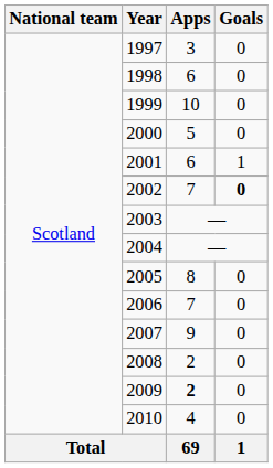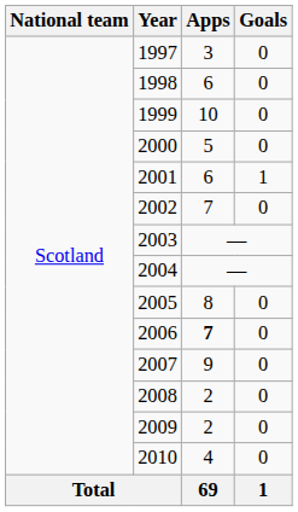 <table class="wikitable" style="text-align:center">
 <tr>
 <th>National team</th>
 <th>Year</th>
 <th>Apps</th>
 <th>Goals</th>
 </tr>
 <tr>
 <td rowspan="14"><a href='#'>Scotland</a></td>
 <td>1997</td>
 <td>3</td>
 <td>0</td>
 </tr>
 <tr>
 <td>1998</td>
 <td>6</td>
 <td>0</td>
 </tr>
 <tr>
 <td>1999</td>
 <td>10</td>
 <td>0</td>
 </tr>
 <tr>
 <td>2000</td>
 <td>5</td>
 <td>0</td>
 </tr>
 <tr>
 <td>2001</td>
 <td>6</td>
 <td>1</td>
 </tr>
 <tr>
 <td>2002</td>
 <td>7</td>
-<td><strong>0</strong></td>
+<td>0</td>
 </tr>
 <tr>
 <td>2003</td>
 <td colspan="2">—</td>
 </tr>
 <tr>
 <td>2004</td>
 <td colspan="2">—</td>
 </tr>
 <tr>
 <td>2005</td>
 <td>8</td>
 <td>0</td>
 </tr>
 <tr>
 <td>2006</td>
-<td>7</td>
+<td><strong>7</strong></td>
 <td>0</td>
 </tr>
 <tr>
 <td>2007</td>
 <td>9</td>
 <td>0</td>
 </tr>
 <tr>
 <td>2008</td>
 <td>2</td>
 <td>0</td>
 </tr>
 <tr>
 <td>2009</td>
-<td><strong>2</strong></td>
+<td>2</td>
 <td>0</td>
 </tr>
 <tr>
 <td>2010</td>
 <td>4</td>
 <td>0</td>
 </tr>
 <tr>
 <th colspan="2">Total</th>
 <th>69</th>
 <th>1</th>
 </tr>
 </table>
